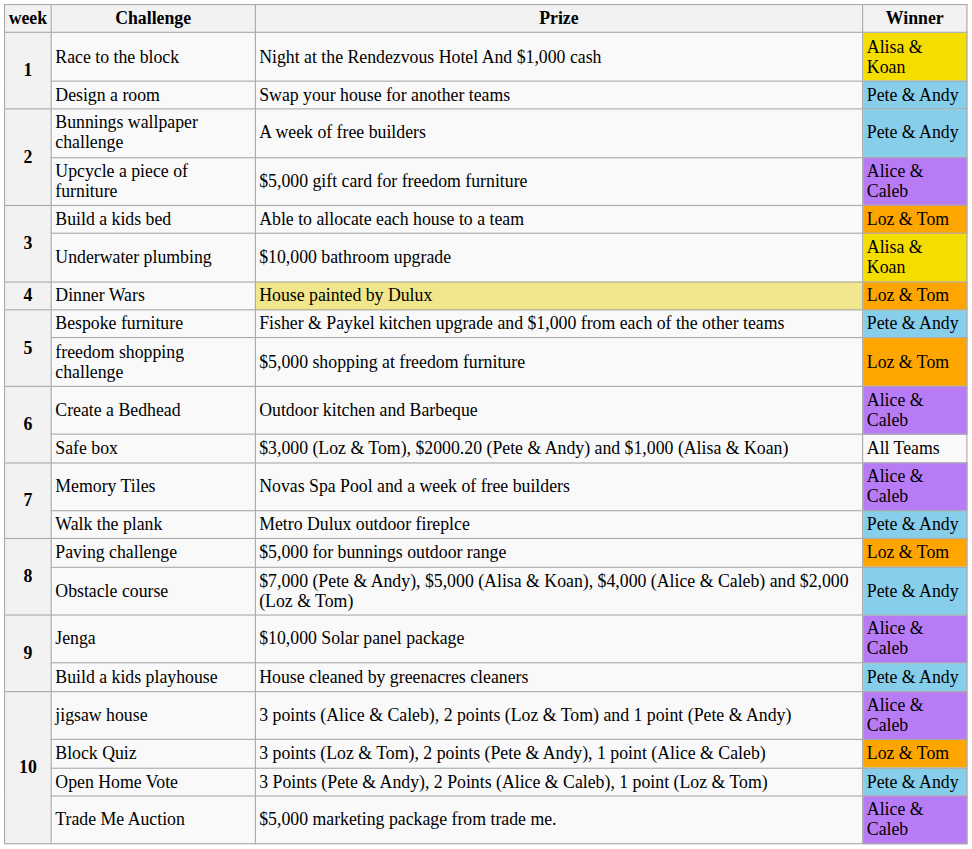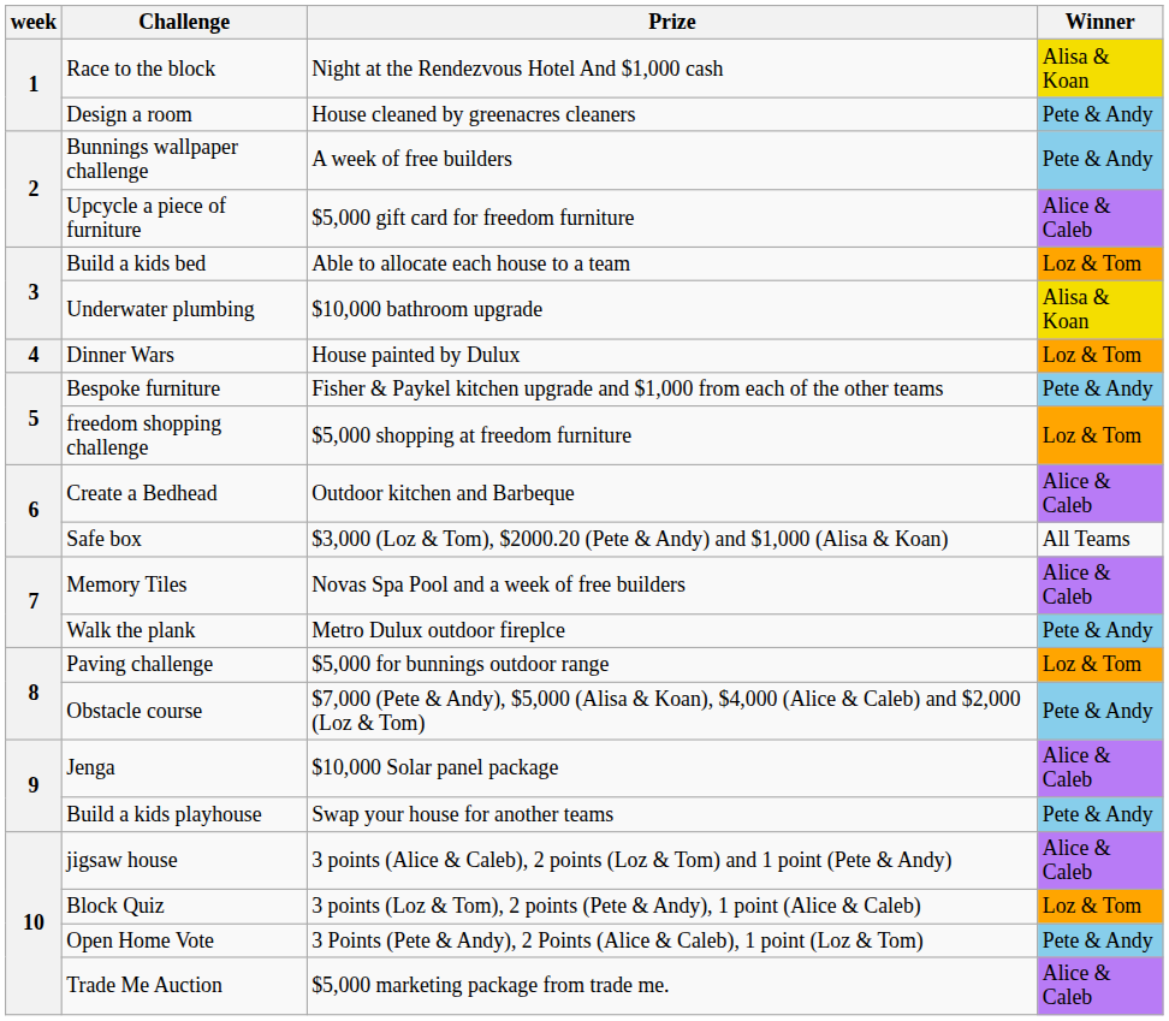 <table class="wikitable">
 <tr>
 <th>week</th>
 <th>Challenge</th>
 <th>Prize</th>
 <th>Winner</th>
 </tr>
 <tr>
 <th rowspan="2">1</th>
 <td>Race to the block</td>
 <td>Night at the Rendezvous Hotel And $1,000 cash</td>
 <td scope="col" style="background:#f4de00; color:black;">Alisa & Koan</td>
 </tr>
 <tr>
 <td>Design a room</td>
-<td>Swap your house for another teams</td>
+<td>House cleaned by greenacres cleaners</td>
 <td scope="col" style="background:skyblue; color:black;">Pete & Andy</td>
 </tr>
 <tr>
 <th rowspan="2">2</th>
 <td>Bunnings wallpaper challenge</td>
 <td>A week of free builders</td>
 <td scope="col" style="background:skyblue; color:black;">Pete & Andy</td>
 </tr>
 <tr>
 <td>Upcycle a piece of furniture</td>
 <td>$5,000 gift card for freedom furniture</td>
 <td scope="col" style="background:#B87BF6; color:black;">Alice & Caleb</td>
 </tr>
 <tr>
 <th rowspan="2">3</th>
 <td>Build a kids bed</td>
 <td>Able to allocate each house to a team</td>
 <td scope="col" style="background:orange; color:black;">Loz & Tom</td>
 </tr>
 <tr>
 <td>Underwater plumbing</td>
 <td>$10,000 bathroom upgrade</td>
 <td scope="col" style="background:#f4de00; color:black;">Alisa & Koan</td>
 </tr>
 <tr>
 <th>4</th>
 <td>Dinner Wars</td>
-<td style="background: khaki;">House painted by Dulux</td>
+<td>House painted by Dulux</td>
 <td scope="col" style="background:orange; color:black;">Loz & Tom</td>
 </tr>
 <tr>
 <th rowspan="2">5</th>
 <td>Bespoke furniture</td>
 <td>Fisher & Paykel kitchen upgrade and $1,000 from each of the other teams</td>
 <td scope="col" style="background:skyblue; color:black;">Pete & Andy</td>
 </tr>
 <tr>
 <td>freedom shopping challenge</td>
 <td>$5,000 shopping at freedom furniture</td>
 <td scope="col" style="background:orange; color:black;">Loz & Tom</td>
 </tr>
 <tr>
 <th rowspan="2">6</th>
 <td>Create a Bedhead</td>
 <td>Outdoor kitchen and Barbeque</td>
 <td scope="col" style="background:#B87BF6; color:black;">Alice & Caleb</td>
 </tr>
 <tr>
 <td>Safe box</td>
 <td>$3,000 (Loz & Tom), $2000.20 (Pete & Andy) and $1,000 (Alisa & Koan)</td>
 <td>All Teams</td>
 </tr>
 <tr>
 <th rowspan="2">7</th>
 <td>Memory Tiles</td>
 <td>Novas Spa Pool and a week of free builders</td>
 <td scope="col" style="background:#B87BF6; color:black;">Alice & Caleb</td>
 </tr>
 <tr>
 <td>Walk the plank</td>
 <td>Metro Dulux outdoor fireplce</td>
 <td scope="col" style="background:skyblue; color:black;">Pete & Andy</td>
 </tr>
 <tr>
 <th rowspan="2">8</th>
 <td>Paving challenge</td>
 <td>$5,000 for bunnings outdoor range</td>
 <td scope="col" style="background:orange; color:black;">Loz & Tom</td>
 </tr>
 <tr>
 <td>Obstacle course</td>
 <td>$7,000 (Pete & Andy), $5,000 (Alisa & Koan), $4,000 (Alice & Caleb) and $2,000 (Loz & Tom)</td>
 <td scope="col" style="background:skyblue; color:black;">Pete & Andy</td>
 </tr>
 <tr>
 <th rowspan="2">9</th>
 <td>Jenga</td>
 <td>$10,000 Solar panel package</td>
 <td scope="col" style="background:#B87BF6; color:black;">Alice & Caleb</td>
 </tr>
 <tr>
 <td>Build a kids playhouse</td>
-<td>House cleaned by greenacres cleaners</td>
+<td>Swap your house for another teams</td>
 <td scope="col" style="background:skyblue; color:black;">Pete & Andy</td>
 </tr>
 <tr>
 <th rowspan="4">10</th>
 <td>jigsaw house</td>
 <td>3 points (Alice & Caleb), 2 points (Loz & Tom) and 1 point (Pete & Andy)</td>
 <td scope="col" style="background:#B87BF6; color:black;">Alice & Caleb</td>
 </tr>
 <tr>
 <td>Block Quiz</td>
 <td>3 points (Loz & Tom), 2 points (Pete & Andy), 1 point (Alice & Caleb)</td>
 <td scope="col" style="background:orange; color:black;">Loz & Tom</td>
 </tr>
 <tr>
 <td>Open Home Vote</td>
 <td>3 Points (Pete & Andy), 2 Points (Alice & Caleb), 1 point (Loz & Tom)</td>
 <td scope="col" style="background:skyblue; color:black;">Pete & Andy</td>
 </tr>
 <tr>
 <td>Trade Me Auction</td>
 <td>$5,000 marketing package from trade me.</td>
 <td scope="col" style="background:#B87BF6; color:black;">Alice & Caleb</td>
 </tr>
 </table>
